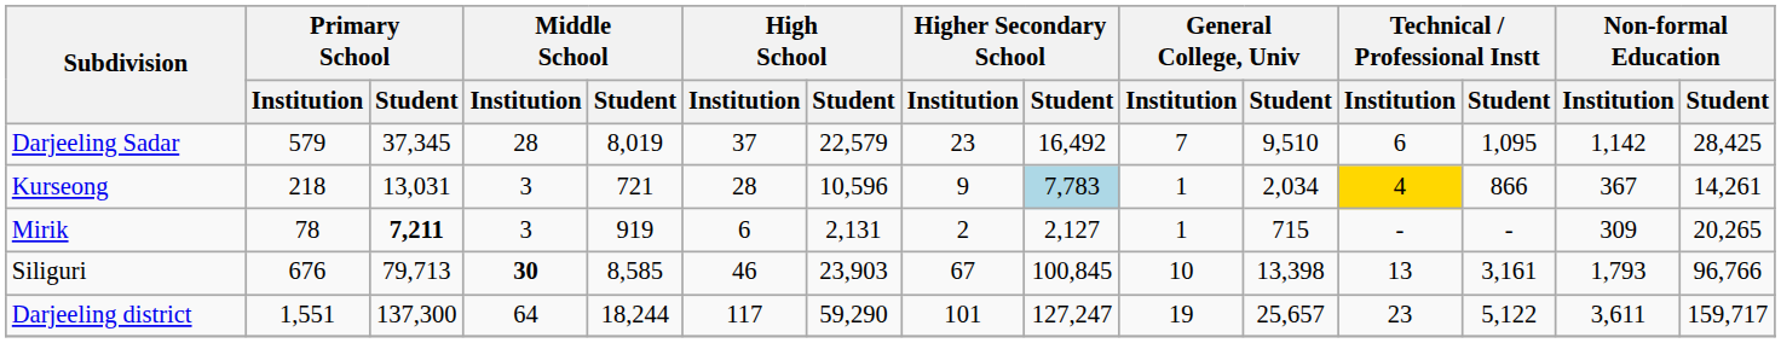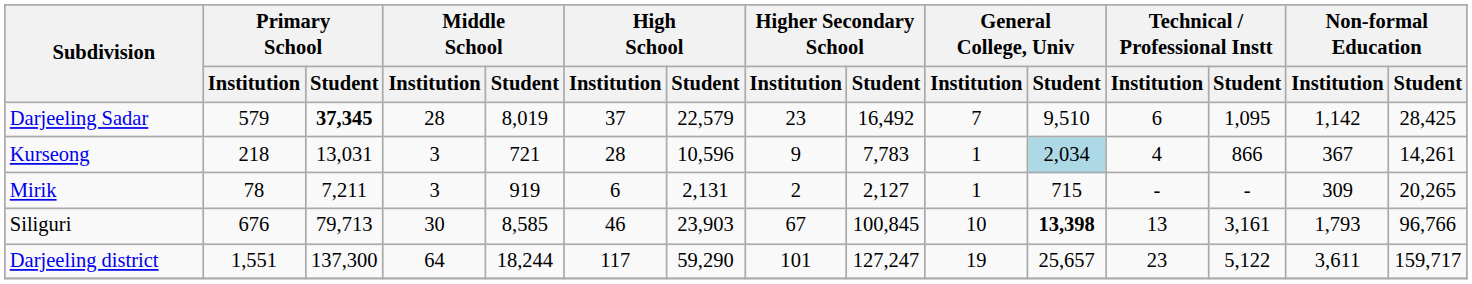 <table class="wikitable" style="text-align:center;font-size: 9pt">
 <tr>
 <th width="110" rowspan="2">Subdivision</th>
 <th colspan="2">Primary<br>School</th>
 <th colspan="2">Middle<br>School</th>
 <th colspan="2">High<br>School</th>
 <th colspan="2">Higher Secondary<br>School</th>
 <th colspan="2">General<br>College, Univ</th>
 <th colspan="2">Technical /<br>Professional Instt</th>
 <th colspan="2">Non-formal<br>Education</th>
 </tr>
 <tr>
 <th width="30">Institution</th>
 <th width="30">Student</th>
 <th width="30">Institution</th>
 <th width="30">Student</th>
 <th width="30">Institution</th>
 <th width="30">Student</th>
 <th width="30">Institution</th>
 <th width="30">Student</th>
 <th width="30">Institution</th>
 <th width="30">Student</th>
 <th width="30">Institution</th>
 <th width="30">Student</th>
 <th width="30">Institution</th>
 <th width="30">Student<br></th>
 </tr>
 <tr>
 <td align=left><a href='#'>Darjeeling Sadar</a></td>
 <td align="center">579</td>
-<td align="center">37,345</td>
+<td align="center"><strong>37,345</strong></td>
 <td align="center">28</td>
 <td align="center">8,019</td>
 <td align="center">37</td>
 <td align="center">22,579</td>
 <td align="center">23</td>
 <td align="center">16,492</td>
 <td align="center">7</td>
 <td align="center">9,510</td>
 <td align="center">6</td>
 <td align="center">1,095</td>
 <td align="center">1,142</td>
 <td align="center">28,425</td>
 </tr>
 <tr>
 <td align=left><a href='#'>Kurseong</a></td>
 <td align="center">218</td>
 <td align="center">13,031</td>
 <td align="center">3</td>
 <td align="center">721</td>
 <td align="center">28</td>
 <td align="center">10,596</td>
 <td align="center">9</td>
-<td align="center" style="background: lightblue;">7,783</td>
+<td align="center">7,783</td>
 <td align="center">1</td>
-<td align="center">2,034</td>
-<td align="center" style="background: gold;">4</td>
+<td align="center" style="background: lightblue;">2,034</td>
+<td align="center">4</td>
 <td align="center">866</td>
 <td align="center">367</td>
 <td align="center">14,261</td>
 </tr>
 <tr>
 <td align=left><a href='#'>Mirik</a></td>
 <td align="center">78</td>
-<td align="center"><strong>7,211</strong></td>
+<td align="center">7,211</td>
 <td align="center">3</td>
 <td align="center">919</td>
 <td align="center">6</td>
 <td align="center">2,131</td>
 <td align="center">2</td>
 <td align="center">2,127</td>
 <td align="center">1</td>
 <td align="center">715</td>
 <td align="center">-</td>
 <td align="center">-</td>
 <td align="center">309</td>
 <td align="center">20,265</td>
 </tr>
 <tr>
 <td align=left>Siliguri</td>
 <td align="center">676</td>
 <td align="center">79,713</td>
-<td align="center"><strong>30</strong></td>
+<td align="center">30</td>
 <td align="center">8,585</td>
 <td align="center">46</td>
 <td align="center">23,903</td>
 <td align="center">67</td>
 <td align="center">100,845</td>
 <td align="center">10</td>
-<td align="center">13,398</td>
+<td align="center"><strong>13,398</strong></td>
 <td align="center">13</td>
 <td align="center">3,161</td>
 <td align="center">1,793</td>
 <td align="center">96,766</td>
 </tr>
 <tr>
 <td align=left><a href='#'>Darjeeling district</a></td>
 <td align="center">1,551</td>
 <td align="center">137,300</td>
 <td align="center">64</td>
 <td align="center">18,244</td>
 <td align="center">117</td>
 <td align="center">59,290</td>
 <td align="center">101</td>
 <td align="center">127,247</td>
 <td align="center">19</td>
 <td align="center">25,657</td>
 <td align="center">23</td>
 <td align="center">5,122</td>
 <td align="center">3,611</td>
 <td align="center">159,717</td>
 </tr>
 <tr>
 </tr>
 </table>
